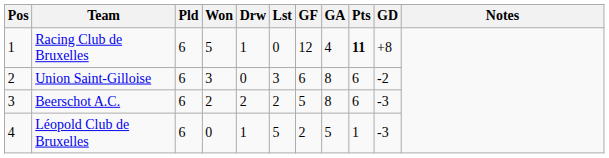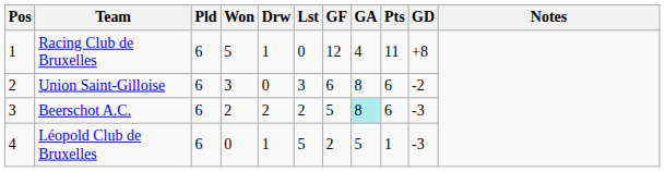 <table class="wikitable" width=70% style="font-size:90%">
 <tr>
 <th width=4%><strong>Pos</strong></th>
 <th width=26%><strong>Team</strong></th>
 <th width=4%><strong>Pld</strong></th>
 <th width=4%><strong>Won</strong></th>
 <th width=4%><strong>Drw</strong></th>
 <th width=4%><strong>Lst</strong></th>
 <th width=4%><strong>GF</strong></th>
 <th width=4%><strong>GA</strong></th>
 <th width=4%><strong>Pts</strong></th>
 <th width=4%><strong>GD</strong></th>
 <th width=38%><strong>Notes</strong></th>
 </tr>
 <tr>
 <td>1</td>
 <td><a href='#'>Racing Club de Bruxelles</a></td>
 <td>6</td>
 <td>5</td>
 <td>1</td>
 <td>0</td>
 <td>12</td>
 <td>4</td>
-<td><strong>11</strong></td>
+<td>11</td>
 <td>+8</td>
 </tr>
 <tr>
 <td>2</td>
 <td><a href='#'>Union Saint-Gilloise</a></td>
 <td>6</td>
 <td>3</td>
 <td>0</td>
 <td>3</td>
 <td>6</td>
 <td>8</td>
 <td>6</td>
 <td>-2</td>
 </tr>
 <tr>
 <td>3</td>
 <td><a href='#'>Beerschot A.C.</a></td>
 <td>6</td>
 <td>2</td>
 <td>2</td>
 <td>2</td>
 <td>5</td>
-<td>8</td>
+<td style="background: paleturquoise;">8</td>
 <td>6</td>
 <td>-3</td>
 </tr>
 <tr>
 <td>4</td>
 <td><a href='#'>Léopold Club de Bruxelles</a></td>
 <td>6</td>
 <td>0</td>
 <td>1</td>
 <td>5</td>
 <td>2</td>
 <td>5</td>
 <td>1</td>
 <td>-3</td>
 </tr>
 </table>
